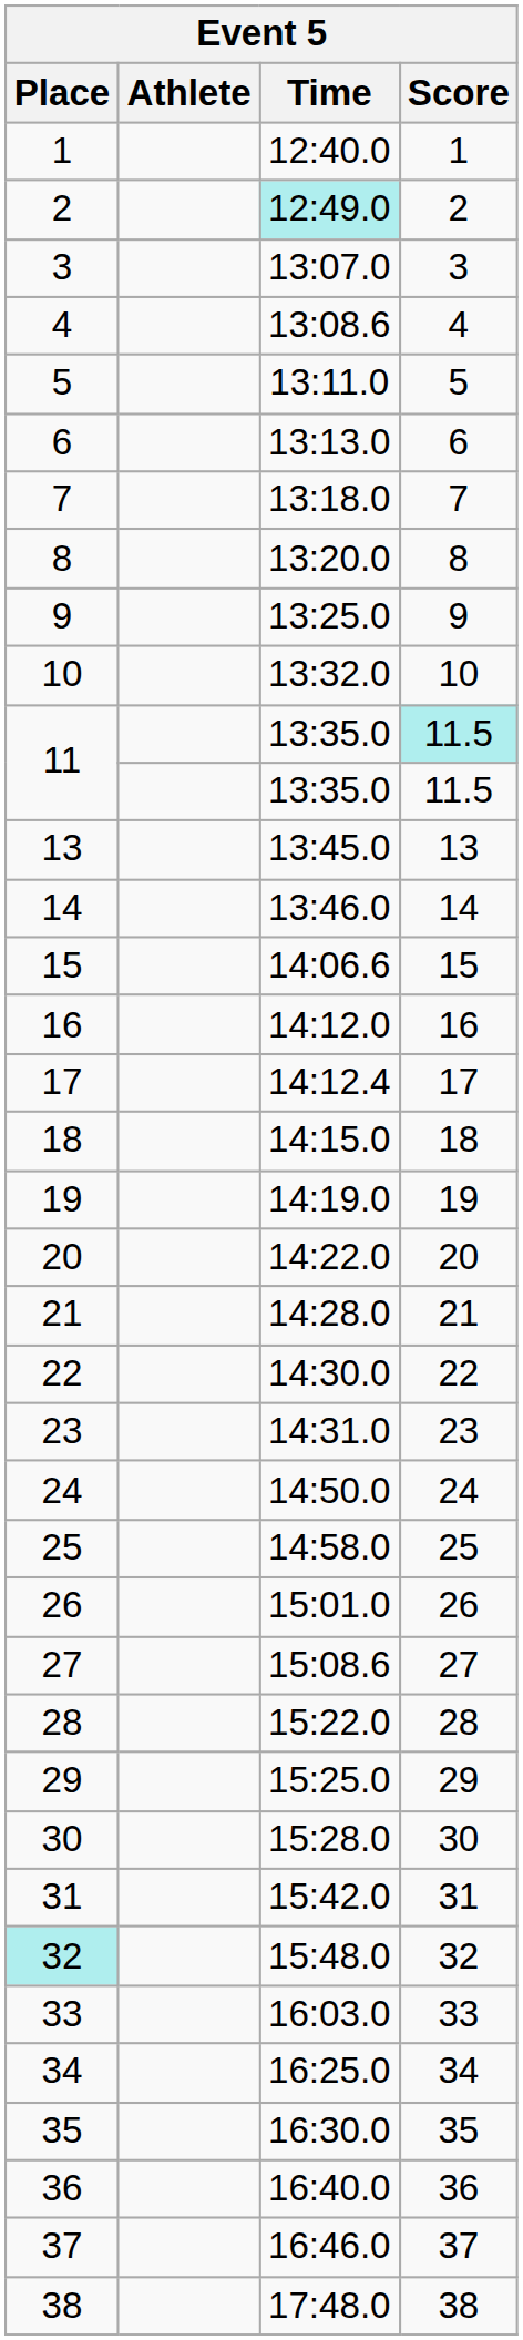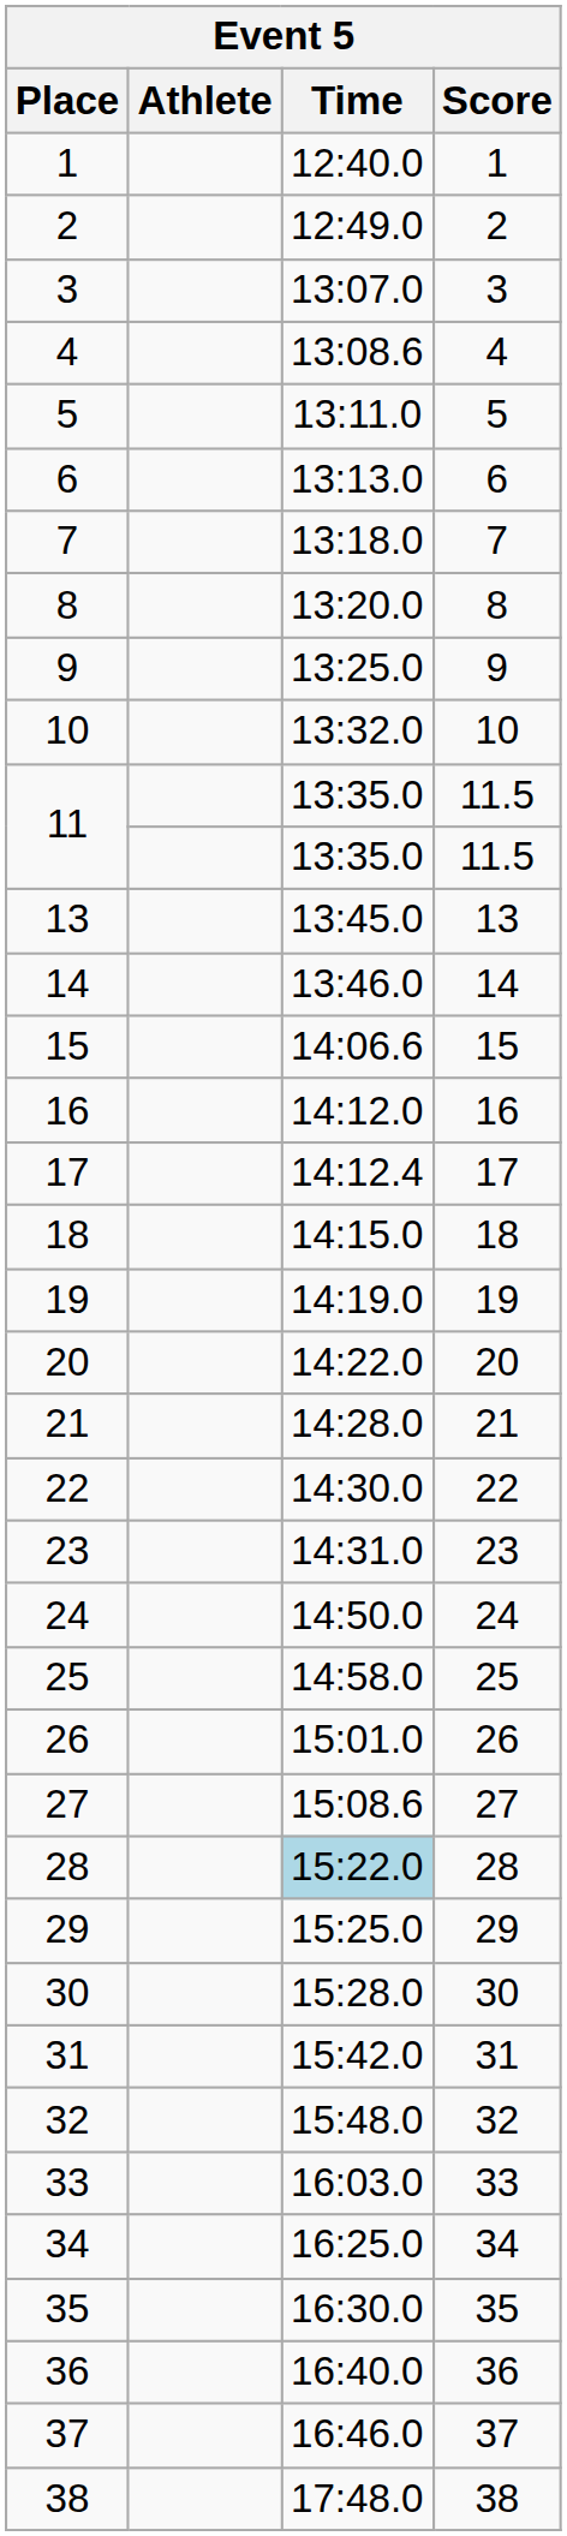 <table class=wikitable style="text-align:center">
 <tr>
 <th colspan=4><strong>Event 5</strong></th>
 </tr>
 <tr>
 <th>Place</th>
 <th>Athlete</th>
 <th>Time</th>
 <th>Score</th>
 </tr>
 <tr>
 <td>1</td>
 <td align=left></td>
 <td>12:40.0</td>
 <td>1</td>
 </tr>
 <tr>
 <td>2</td>
 <td align=left></td>
-<td style="background: paleturquoise;">12:49.0</td>
+<td>12:49.0</td>
 <td>2</td>
 </tr>
 <tr>
 <td>3</td>
 <td align=left></td>
 <td>13:07.0</td>
 <td>3</td>
 </tr>
 <tr>
 <td>4</td>
 <td align=left></td>
 <td>13:08.6</td>
 <td>4</td>
 </tr>
 <tr>
 <td>5</td>
 <td align=left></td>
 <td>13:11.0</td>
 <td>5</td>
 </tr>
 <tr>
 <td>6</td>
 <td align=left></td>
 <td>13:13.0</td>
 <td>6</td>
 </tr>
 <tr>
 <td>7</td>
 <td align=left></td>
 <td>13:18.0</td>
 <td>7</td>
 </tr>
 <tr>
 <td>8</td>
 <td align=left></td>
 <td>13:20.0</td>
 <td>8</td>
 </tr>
 <tr>
 <td>9</td>
 <td align=left></td>
 <td>13:25.0</td>
 <td>9</td>
 </tr>
 <tr>
 <td>10</td>
 <td align=left></td>
 <td>13:32.0</td>
 <td>10</td>
 </tr>
 <tr>
 <td rowspan=2>11</td>
 <td align=left></td>
 <td>13:35.0</td>
-<td style="background: paleturquoise;">11.5</td>
+<td>11.5</td>
 </tr>
 <tr>
 <td align=left></td>
 <td>13:35.0</td>
 <td>11.5</td>
 </tr>
 <tr>
 <td>13</td>
 <td align=left></td>
 <td>13:45.0</td>
 <td>13</td>
 </tr>
 <tr>
 <td>14</td>
 <td align=left></td>
 <td>13:46.0</td>
 <td>14</td>
 </tr>
 <tr>
 <td>15</td>
 <td align=left></td>
 <td>14:06.6</td>
 <td>15</td>
 </tr>
 <tr>
 <td>16</td>
 <td align=left></td>
 <td>14:12.0</td>
 <td>16</td>
 </tr>
 <tr>
 <td>17</td>
 <td align=left></td>
 <td>14:12.4</td>
 <td>17</td>
 </tr>
 <tr>
 <td>18</td>
 <td align=left></td>
 <td>14:15.0</td>
 <td>18</td>
 </tr>
 <tr>
 <td>19</td>
 <td align=left></td>
 <td>14:19.0</td>
 <td>19</td>
 </tr>
 <tr>
 <td>20</td>
 <td align=left></td>
 <td>14:22.0</td>
 <td>20</td>
 </tr>
 <tr>
 <td>21</td>
 <td align=left></td>
 <td>14:28.0</td>
 <td>21</td>
 </tr>
 <tr>
 <td>22</td>
 <td align=left></td>
 <td>14:30.0</td>
 <td>22</td>
 </tr>
 <tr>
 <td>23</td>
 <td align=left></td>
 <td>14:31.0</td>
 <td>23</td>
 </tr>
 <tr>
 <td>24</td>
 <td align=left></td>
 <td>14:50.0</td>
 <td>24</td>
 </tr>
 <tr>
 <td>25</td>
 <td align=left></td>
 <td>14:58.0</td>
 <td>25</td>
 </tr>
 <tr>
 <td>26</td>
 <td align=left></td>
 <td>15:01.0</td>
 <td>26</td>
 </tr>
 <tr>
 <td>27</td>
 <td align=left></td>
 <td>15:08.6</td>
 <td>27</td>
 </tr>
 <tr>
 <td>28</td>
 <td align=left></td>
-<td>15:22.0</td>
+<td style="background: lightblue;">15:22.0</td>
 <td>28</td>
 </tr>
 <tr>
 <td>29</td>
 <td align=left></td>
 <td>15:25.0</td>
 <td>29</td>
 </tr>
 <tr>
 <td>30</td>
 <td align=left></td>
 <td>15:28.0</td>
 <td>30</td>
 </tr>
 <tr>
 <td>31</td>
 <td align=left></td>
 <td>15:42.0</td>
 <td>31</td>
 </tr>
 <tr>
-<td style="background: paleturquoise;">32</td>
+<td>32</td>
 <td align=left></td>
 <td>15:48.0</td>
 <td>32</td>
 </tr>
 <tr>
 <td>33</td>
 <td align=left></td>
 <td>16:03.0</td>
 <td>33</td>
 </tr>
 <tr>
 <td>34</td>
 <td align=left></td>
 <td>16:25.0</td>
 <td>34</td>
 </tr>
 <tr>
 <td>35</td>
 <td align=left></td>
 <td>16:30.0</td>
 <td>35</td>
 </tr>
 <tr>
 <td>36</td>
 <td align=left></td>
 <td>16:40.0</td>
 <td>36</td>
 </tr>
 <tr>
 <td>37</td>
 <td align=left></td>
 <td>16:46.0</td>
 <td>37</td>
 </tr>
 <tr>
 <td>38</td>
 <td align=left></td>
 <td>17:48.0</td>
 <td>38</td>
 </tr>
 </table>
